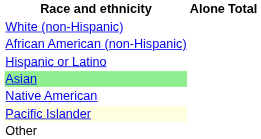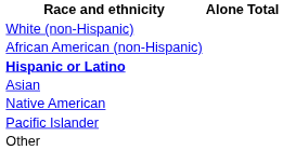 <table font-size:80%;">
 <tr>
 <th>Race and ethnicity</th>
 <th colspan="2" data-sort-type=number>Alone</th>
 <th colspan="2" data-sort-type=number>Total</th>
 </tr>
 <tr>
 <td><a href='#'>White (non-Hispanic)</a></td>
 <td align=right></td>
 <td align=right></td>
 </tr>
 <tr>
 <td><a href='#'>African American (non-Hispanic)</a></td>
 <td align=right></td>
 <td align=right></td>
 </tr>
 <tr>
-<td><a href='#'>Hispanic or Latino</a></td>
+<td><strong><a href='#'>Hispanic or Latino</a></strong></td>
 <td align=right></td>
 <td align=right></td>
 </tr>
 <tr>
-<td style="background: lightgreen;"><a href='#'>Asian</a></td>
+<td><a href='#'>Asian</a></td>
 <td align=right></td>
 <td align=right></td>
 </tr>
 <tr>
 <td><a href='#'>Native American</a></td>
 <td align=right></td>
 <td align=right></td>
 </tr>
 <tr>
-<td style="background: lightyellow;"><a href='#'>Pacific Islander</a></td>
+<td><a href='#'>Pacific Islander</a></td>
 <td align=right></td>
 <td align=right></td>
 </tr>
 <tr>
 <td>Other</td>
 <td align=right></td>
 <td align=right></td>
 </tr>
 </table>
